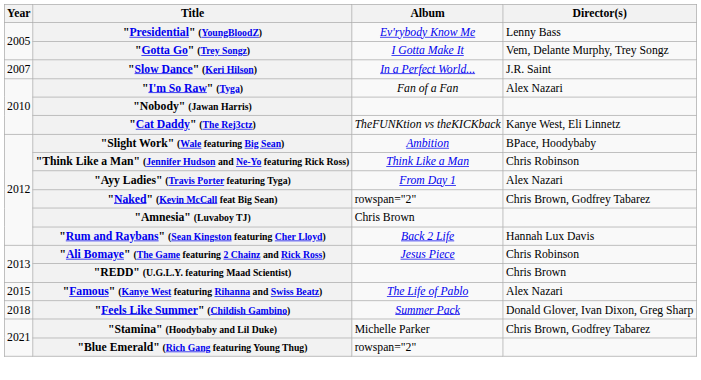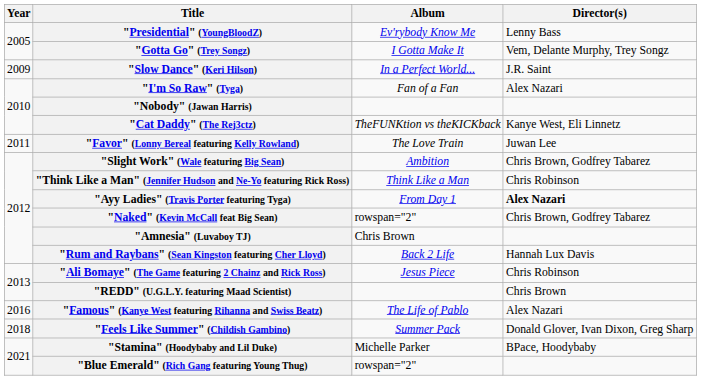 <table class="wikitable plainrowheaders">
 <tr>
 <th scope="col">Year</th>
 <th scope="col">Title</th>
 <th scope="col">Album</th>
 <th scope="col">Director(s)</th>
 </tr>
 <tr>
 <td rowspan="2">2005</td>
 <th scope="row">"<a href='#'>Presidential</a>" <small>(<a href='#'>YoungBloodZ</a>)</small></th>
 <td style="text-align: center;"><em><a href='#'>Ev'rybody Know Me</a></em></td>
 <td>Lenny Bass</td>
 </tr>
 <tr>
 <th scope="row">"<a href='#'>Gotta Go</a>" <small>(<a href='#'>Trey Songz</a>)</small></th>
 <td style="text-align: center;"><em><a href='#'>I Gotta Make It</a></em></td>
 <td>Vem, Delante Murphy, Trey Songz</td>
 </tr>
 <tr>
-<td>2007</td>
+<td>2009</td>
 <th scope="row">"<a href='#'>Slow Dance</a>" <small>(<a href='#'>Keri Hilson</a>)</small></th>
 <td style="text-align: center;"><em><a href='#'>In a Perfect World...</a></em></td>
 <td>J.R. Saint</td>
 </tr>
 <tr>
 <td rowspan="3">2010</td>
 <th scope="row">"<a href='#'>I'm So Raw</a>" <small>(<a href='#'>Tyga</a>)</small></th>
 <td style="text-align: center;"><em>Fan of a Fan</em></td>
 <td>Alex Nazari</td>
 </tr>
 <tr>
 <th scope="row">"Nobody" <small>(Jawan Harris)</small></th>
 <td></td>
 <td></td>
 </tr>
 <tr>
 <th scope="row">"<a href='#'>Cat Daddy</a>" <small>(<a href='#'>The Rej3ctz</a>)</small></th>
 <td style="text-align: center;"><em>TheFUNKtion vs theKICKback</em></td>
 <td>Kanye West, Eli Linnetz</td>
 </tr>
 <tr>
+<td>2011</td>
+<th scope="row">"<a href='#'>Favor</a>" <small>(<a href='#'>Lonny Bereal</a> featuring <a href='#'>Kelly Rowland</a>)</small></th>
+<td style="text-align: center;"><em>The Love Train</em></td>
+<td>Juwan Lee</td>
+</tr>
+<tr>
 <td rowspan="6">2012</td>
 <th scope="row">"Slight Work" <small>(<a href='#'>Wale</a> featuring <a href='#'>Big Sean</a>)</small></th>
 <td style="text-align: center;"><em><a href='#'>Ambition</a></em></td>
-<td>BPace, Hoodybaby</td>
+<td>Chris Brown, Godfrey Tabarez</td>
 </tr>
 <tr>
 <th scope="row">"Think Like a Man" <small>(<a href='#'>Jennifer Hudson</a> and <a href='#'>Ne-Yo</a> featuring Rick Ross)</small></th>
 <td style="text-align: center;"><em><a href='#'>Think Like a Man</a></em></td>
 <td>Chris Robinson</td>
 </tr>
 <tr>
 <th scope="row">"Ayy Ladies" <small>(<a href='#'>Travis Porter</a> featuring Tyga)</small></th>
 <td style="text-align: center;"><em><a href='#'>From Day 1</a></em></td>
-<td>Alex Nazari</td>
+<td><strong>Alex Nazari</strong></td>
 </tr>
 <tr>
 <th scope="row">"<a href='#'>Naked</a>" <small>(<a href='#'>Kevin McCall</a> feat Big Sean)</small></th>
 <td>rowspan="2" </td>
 <td>Chris Brown, Godfrey Tabarez</td>
 </tr>
 <tr>
 <th scope="row">"Amnesia" <small>(Luvaboy TJ)</small></th>
 <td>Chris Brown</td>
 </tr>
 <tr>
 <th scope="row">"<a href='#'>Rum and Raybans</a>" <small>(<a href='#'>Sean Kingston</a> featuring <a href='#'>Cher Lloyd</a>)</small></th>
 <td style="text-align: center;"><em><a href='#'>Back 2 Life</a></em></td>
 <td>Hannah Lux Davis</td>
 </tr>
 <tr>
 <td rowspan="2">2013</td>
 <th scope="row">"<a href='#'>Ali Bomaye</a>" <small>(<a href='#'>The Game</a> featuring <a href='#'>2 Chainz</a> and <a href='#'>Rick Ross</a>)</small></th>
 <td style="text-align: center;"><em><a href='#'>Jesus Piece</a></em></td>
 <td>Chris Robinson</td>
 </tr>
 <tr>
 <th scope="row">"REDD" <small>(U.G.L.Y. featuring Maad Scientist)</small></th>
 <td></td>
 <td>Chris Brown</td>
 </tr>
 <tr>
-<td>2015</td>
+<td>2016</td>
 <th scope="row">"<a href='#'>Famous</a>" <small>(<a href='#'>Kanye West</a> featuring <a href='#'>Rihanna</a> and <a href='#'>Swiss Beatz</a>)</small></th>
 <td style="text-align: center;"><em><a href='#'>The Life of Pablo</a></em></td>
 <td>Alex Nazari</td>
 </tr>
 <tr>
 <td>2018</td>
 <th scope="row">"<a href='#'>Feels Like Summer</a>" <small>(<a href='#'>Childish Gambino</a>)</small></th>
 <td style="text-align: center;"><em><a href='#'>Summer Pack</a></em></td>
 <td>Donald Glover, Ivan Dixon, Greg Sharp</td>
 </tr>
 <tr>
 <td rowspan="2">2021</td>
 <th scope="row">"Stamina" <small>(Hoodybaby and Lil Duke)</small></th>
 <td>Michelle Parker</td>
-<td>Chris Brown, Godfrey Tabarez</td>
+<td>BPace, Hoodybaby</td>
 </tr>
 <tr>
 <th scope="row">"Blue Emerald" <small>(<a href='#'>Rich Gang</a> featuring Young Thug)</small></th>
 <td>rowspan="2" </td>
 </tr>
 </table>
